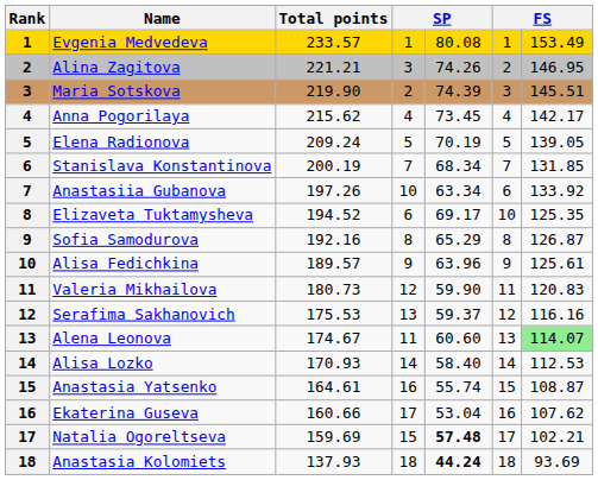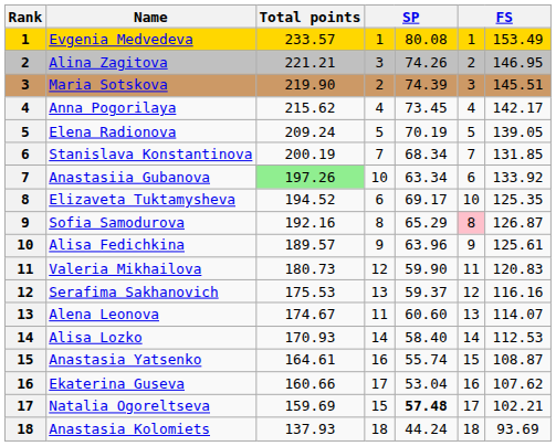 <table class="wikitable sortable">
 <tr>
 <th>Rank</th>
 <th>Name</th>
 <th>Total points</th>
 <th colspan="2" width="80px"><a href='#'>SP</a></th>
 <th colspan="2" width="80px"><a href='#'>FS</a></th>
 </tr>
 <tr bgcolor="gold">
 <td align="center"><strong>1</strong></td>
 <td><a href='#'>Evgenia Medvedeva</a></td>
 <td align="center">233.57</td>
 <td align="center">1</td>
 <td align="center">80.08</td>
 <td align="center">1</td>
 <td align="center">153.49</td>
 </tr>
 <tr bgcolor="silver">
 <td align="center"><strong>2</strong></td>
 <td><a href='#'>Alina Zagitova</a></td>
 <td align="center">221.21</td>
 <td align="center">3</td>
 <td align="center">74.26</td>
 <td align="center">2</td>
 <td align="center">146.95</td>
 </tr>
 <tr bgcolor="cc9966">
 <td align="center"><strong>3</strong></td>
 <td><a href='#'>Maria Sotskova</a></td>
 <td align="center">219.90</td>
 <td align="center">2</td>
 <td align="center">74.39</td>
 <td align="center">3</td>
 <td align="center">145.51</td>
 </tr>
 <tr>
 <th>4</th>
 <td><a href='#'>Anna Pogorilaya</a></td>
 <td align="center">215.62</td>
 <td align="center">4</td>
 <td align="center">73.45</td>
 <td align="center">4</td>
 <td align="center">142.17</td>
 </tr>
 <tr>
 <th>5</th>
 <td><a href='#'>Elena Radionova</a></td>
 <td align="center">209.24</td>
 <td align="center">5</td>
 <td align="center">70.19</td>
 <td align="center">5</td>
 <td align="center">139.05</td>
 </tr>
 <tr>
 <th>6</th>
 <td><a href='#'>Stanislava Konstantinova</a></td>
 <td align="center">200.19</td>
 <td align="center">7</td>
 <td align="center">68.34</td>
 <td align="center">7</td>
 <td align="center">131.85</td>
 </tr>
 <tr>
 <th>7</th>
 <td><a href='#'>Anastasiia Gubanova</a></td>
-<td align="center">197.26</td>
+<td align="center" style="background: lightgreen;">197.26</td>
 <td align="center">10</td>
 <td align="center">63.34</td>
 <td align="center">6</td>
 <td align="center">133.92</td>
 </tr>
 <tr>
 <th>8</th>
 <td><a href='#'>Elizaveta Tuktamysheva</a></td>
 <td align="center">194.52</td>
 <td align="center">6</td>
 <td align="center">69.17</td>
 <td align="center">10</td>
 <td align="center">125.35</td>
 </tr>
 <tr>
 <th>9</th>
 <td><a href='#'>Sofia Samodurova</a></td>
 <td align="center">192.16</td>
 <td align="center">8</td>
 <td align="center">65.29</td>
-<td align="center">8</td>
+<td align="center" style="background: pink;">8</td>
 <td align="center">126.87</td>
 </tr>
 <tr>
 <th>10</th>
 <td><a href='#'>Alisa Fedichkina</a></td>
 <td align="center">189.57</td>
 <td align="center">9</td>
 <td align="center">63.96</td>
 <td align="center">9</td>
 <td align="center">125.61</td>
 </tr>
 <tr>
 <th>11</th>
 <td><a href='#'>Valeria Mikhailova</a></td>
 <td align="center">180.73</td>
 <td align="center">12</td>
 <td align="center">59.90</td>
 <td align="center">11</td>
 <td align="center">120.83</td>
 </tr>
 <tr>
 <th>12</th>
 <td><a href='#'>Serafima Sakhanovich</a></td>
 <td align="center">175.53</td>
 <td align="center">13</td>
 <td align="center">59.37</td>
 <td align="center">12</td>
 <td align="center">116.16</td>
 </tr>
 <tr>
 <th>13</th>
 <td><a href='#'>Alena Leonova</a></td>
 <td align="center">174.67</td>
 <td align="center">11</td>
 <td align="center">60.60</td>
 <td align="center">13</td>
-<td align="center" style="background: lightgreen;">114.07</td>
+<td align="center">114.07</td>
 </tr>
 <tr>
 <th>14</th>
 <td><a href='#'>Alisa Lozko</a></td>
 <td align="center">170.93</td>
 <td align="center">14</td>
 <td align="center">58.40</td>
 <td align="center">14</td>
 <td align="center">112.53</td>
 </tr>
 <tr>
 <th>15</th>
 <td><a href='#'>Anastasia Yatsenko</a></td>
 <td align="center">164.61</td>
 <td align="center">16</td>
 <td align="center">55.74</td>
 <td align="center">15</td>
 <td align="center">108.87</td>
 </tr>
 <tr>
 <th>16</th>
 <td><a href='#'>Ekaterina Guseva</a></td>
 <td align="center">160.66</td>
 <td align="center">17</td>
 <td align="center">53.04</td>
 <td align="center">16</td>
 <td align="center">107.62</td>
 </tr>
 <tr>
 <th>17</th>
 <td><a href='#'>Natalia Ogoreltseva</a></td>
 <td align="center">159.69</td>
 <td align="center">15</td>
 <td align="center"><strong>57.48</strong></td>
 <td align="center">17</td>
 <td align="center">102.21</td>
 </tr>
 <tr>
 <th>18</th>
 <td><a href='#'>Anastasia Kolomiets</a></td>
 <td align="center">137.93</td>
 <td align="center">18</td>
-<td align="center"><strong>44.24</strong></td>
+<td align="center">44.24</td>
 <td align="center">18</td>
 <td align="center">93.69</td>
 </tr>
 </table>
